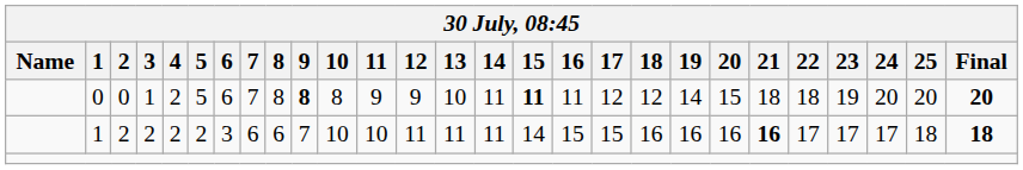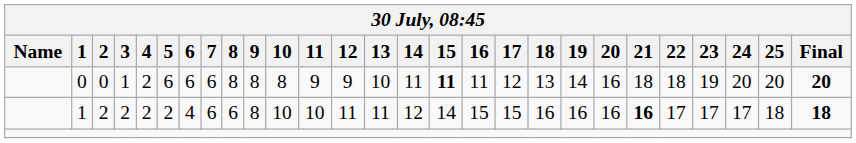 <table class=wikitable style="text-align:center; width: 55%">
 <tr>
 <th colspan=27><em>30 July, 08:45</em></th>
 </tr>
 <tr>
 <th>Name</th>
 <th>1</th>
 <th>2</th>
 <th>3</th>
 <th>4</th>
 <th>5</th>
 <th>6</th>
 <th>7</th>
 <th>8</th>
 <th>9</th>
 <th>10</th>
 <th>11</th>
 <th>12</th>
 <th>13</th>
 <th>14</th>
 <th>15</th>
 <th>16</th>
 <th>17</th>
 <th>18</th>
 <th>19</th>
 <th>20</th>
 <th>21</th>
 <th>22</th>
 <th>23</th>
 <th>24</th>
 <th>25</th>
 <th>Final</th>
 </tr>
 <tr>
 <td align=left><strong></strong></td>
 <td>0</td>
 <td>0</td>
 <td>1</td>
 <td>2</td>
-<td>5</td>
 <td>6</td>
-<td>7</td>
+<td>6</td>
+<td>6</td>
 <td>8</td>
-<td><strong>8</strong></td>
+<td>8</td>
 <td>8</td>
 <td>9</td>
 <td>9</td>
 <td>10</td>
 <td>11</td>
 <td><strong>11</strong></td>
 <td>11</td>
 <td>12</td>
-<td>12</td>
+<td>13</td>
 <td>14</td>
-<td>15</td>
+<td>16</td>
 <td>18</td>
 <td>18</td>
 <td>19</td>
 <td>20</td>
 <td>20</td>
 <td><strong>20</strong></td>
 </tr>
 <tr>
 <td align=left></td>
 <td>1</td>
 <td>2</td>
 <td>2</td>
 <td>2</td>
 <td>2</td>
-<td>3</td>
+<td>4</td>
 <td>6</td>
 <td>6</td>
-<td>7</td>
+<td>8</td>
 <td>10</td>
 <td>10</td>
 <td>11</td>
 <td>11</td>
-<td>11</td>
+<td>12</td>
 <td>14</td>
 <td>15</td>
 <td>15</td>
 <td>16</td>
 <td>16</td>
 <td>16</td>
 <td><strong>16</strong></td>
 <td>17</td>
 <td>17</td>
 <td>17</td>
 <td>18</td>
 <td><strong>18</strong></td>
 </tr>
 <tr>
 <td colspan=27></td>
 </tr>
 </table>
